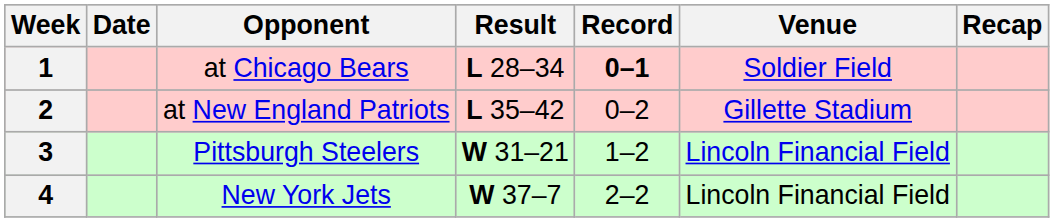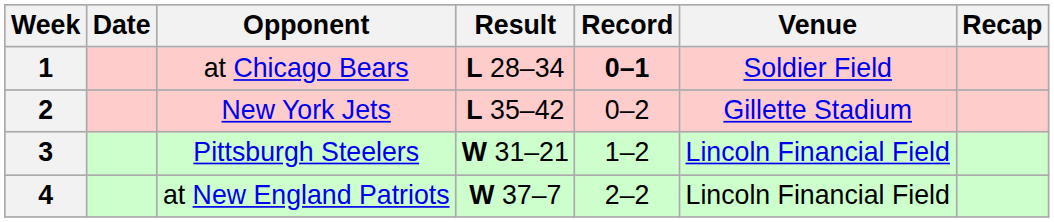 <table class="wikitable" style="text-align:center">
 <tr>
 <th>Week</th>
 <th>Date</th>
 <th>Opponent</th>
 <th>Result</th>
 <th>Record</th>
 <th>Venue</th>
 <th>Recap</th>
 </tr>
 <tr style="background:#fcc">
 <th>1</th>
 <td></td>
 <td>at <a href='#'>Chicago Bears</a></td>
 <td><strong>L</strong> 28–34</td>
 <td><strong>0–1</strong></td>
 <td><a href='#'>Soldier Field</a></td>
 <td></td>
 </tr>
 <tr style="background:#fcc">
 <th>2</th>
 <td></td>
-<td>at <a href='#'>New England Patriots</a></td>
+<td><a href='#'>New York Jets</a></td>
 <td><strong>L</strong> 35–42</td>
 <td>0–2</td>
 <td><a href='#'>Gillette Stadium</a></td>
 <td></td>
 </tr>
 <tr style="background:#cfc">
 <th>3</th>
 <td></td>
 <td><a href='#'>Pittsburgh Steelers</a></td>
 <td><strong>W</strong> 31–21</td>
 <td>1–2</td>
 <td><a href='#'>Lincoln Financial Field</a></td>
 <td></td>
 </tr>
 <tr style="background:#cfc">
 <th>4</th>
 <td></td>
-<td><a href='#'>New York Jets</a></td>
+<td>at <a href='#'>New England Patriots</a></td>
 <td><strong>W</strong> 37–7</td>
 <td>2–2</td>
 <td>Lincoln Financial Field</td>
 <td></td>
 </tr>
 </table>
